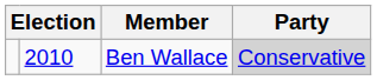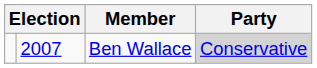 <table class="wikitable">
 <tr>
 <th colspan="2">Election</th>
 <th>Member</th>
 <th>Party</th>
 </tr>
 <tr>
 <td style="color:inherit;background-color: "></td>
-<td><a href='#'>2010</a></td>
+<td><a href='#'>2007</a></td>
 <td><a href='#'>Ben Wallace</a></td>
 <td style="background: lightgrey;"><a href='#'>Conservative</a></td>
 </tr>
 </table>
